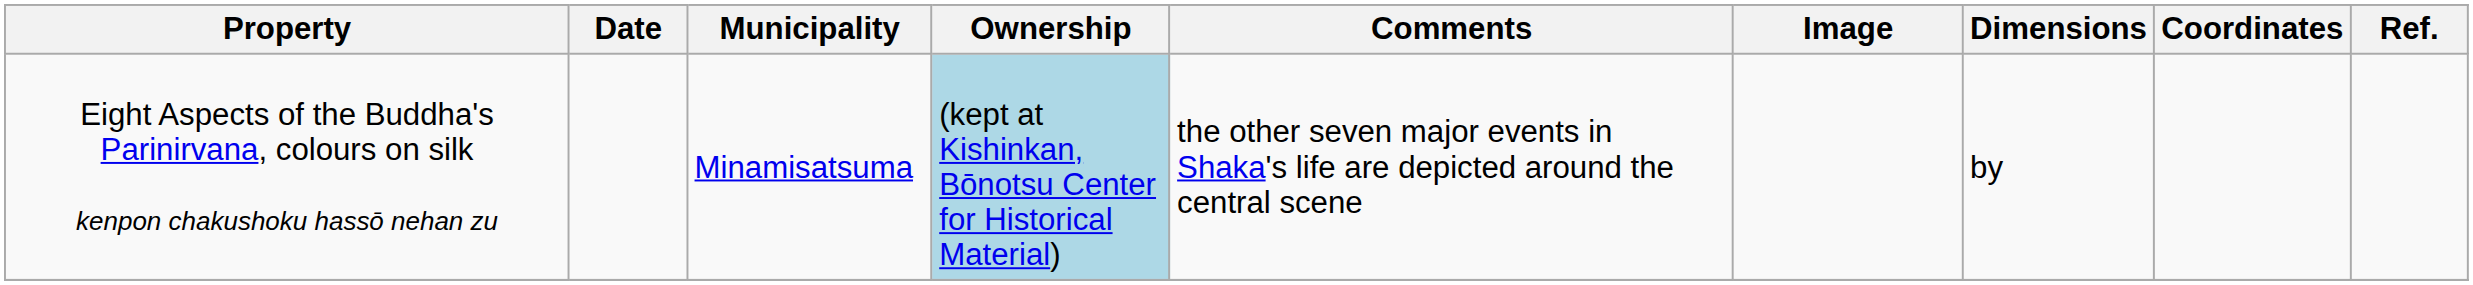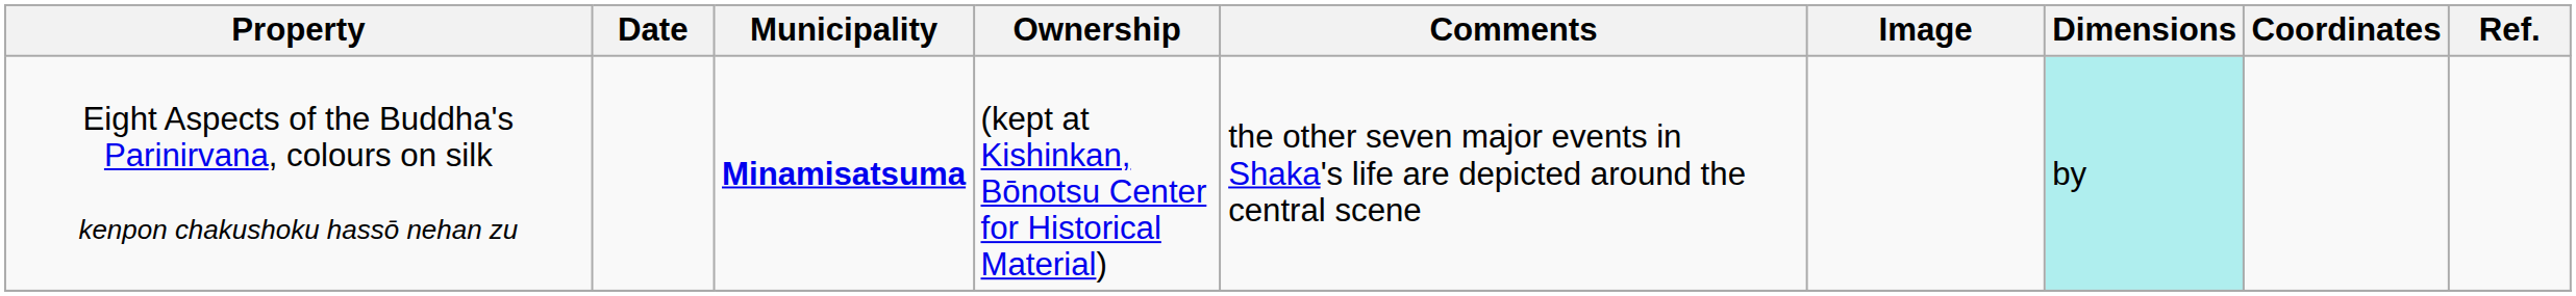 <table class="wikitable sortable"  style="width:100%;">
 <tr>
 <th width="25%" align="left">Property</th>
 <th width="5%" align="left" data-sort-type="number">Date</th>
 <th width="10%" align="left">Municipality</th>
 <th width="10%" align="left">Ownership</th>
 <th width="25%" align="left" class="unsortable">Comments</th>
 <th width="10%" align="left" class="unsortable">Image</th>
 <th width="5%" align="left" class="unsortable">Dimensions</th>
 <th width="5%" align="left" class="unsortable">Coordinates</th>
 <th width="5%" align="left" class="unsortable">Ref.</th>
 </tr>
 <tr>
 <td align="center">Eight Aspects of the Buddha's <a href='#'>Parinirvana</a>, colours on silk<br><br><small><em>kenpon chakushoku hassō nehan zu</em></small></td>
 <td></td>
-<td><a href='#'>Minamisatsuma</a></td>
-<td style="background: lightblue;"><br>(kept at <a href='#'>Kishinkan, Bōnotsu Center for Historical Material</a>)</td>
+<td><strong><a href='#'>Minamisatsuma</a></strong></td>
+<td><br>(kept at <a href='#'>Kishinkan, Bōnotsu Center for Historical Material</a>)</td>
 <td>the other seven major events in <a href='#'>Shaka</a>'s life are depicted around the central scene</td>
 <td></td>
-<td> by </td>
+<td style="background: paleturquoise;"> by </td>
 <td></td>
 <td></td>
 </tr>
 <tr>
 </tr>
 </table>
